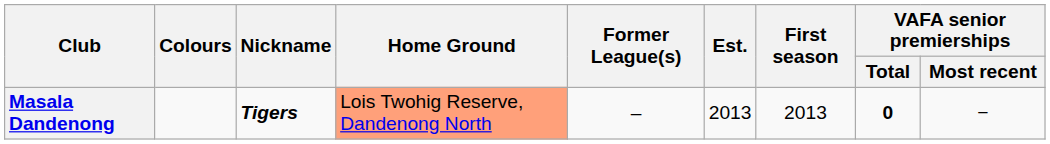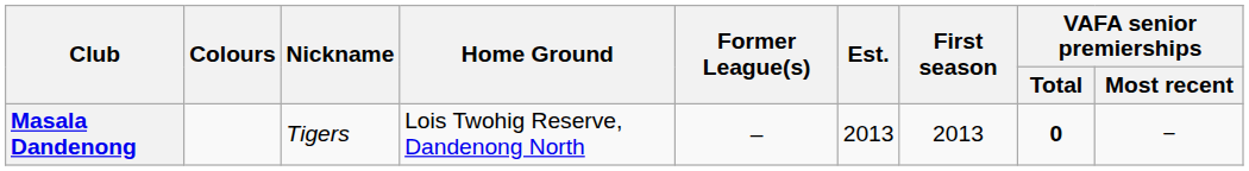 <table class="wikitable sortable" width:100%">
 <tr>
 <th rowspan="2">Club</th>
 <th rowspan="2">Colours</th>
 <th rowspan="2">Nickname</th>
 <th rowspan="2">Home Ground</th>
 <th rowspan="2">Former League(s)</th>
 <th rowspan="2">Est.</th>
 <th rowspan="2">First season</th>
 <th colspan="2">VAFA senior premierships</th>
 </tr>
 <tr>
 <th>Total</th>
 <th>Most recent</th>
 </tr>
 <tr>
 <th style="text-align:left;"><a href='#'>Masala Dandenong</a></th>
 <td></td>
-<td><strong><em>Tigers</em></strong></td>
-<td style="background: lightsalmon;">Lois Twohig Reserve, <a href='#'>Dandenong North</a></td>
+<td><em>Tigers</em></td>
+<td>Lois Twohig Reserve, <a href='#'>Dandenong North</a></td>
 <td style="text-align:center;">–</td>
 <td style="text-align:center;">2013</td>
 <td style="text-align:center;">2013</td>
 <td style="text-align:center;"><strong>0</strong></td>
 <td style="text-align:center;">−</td>
 </tr>
 </table>
